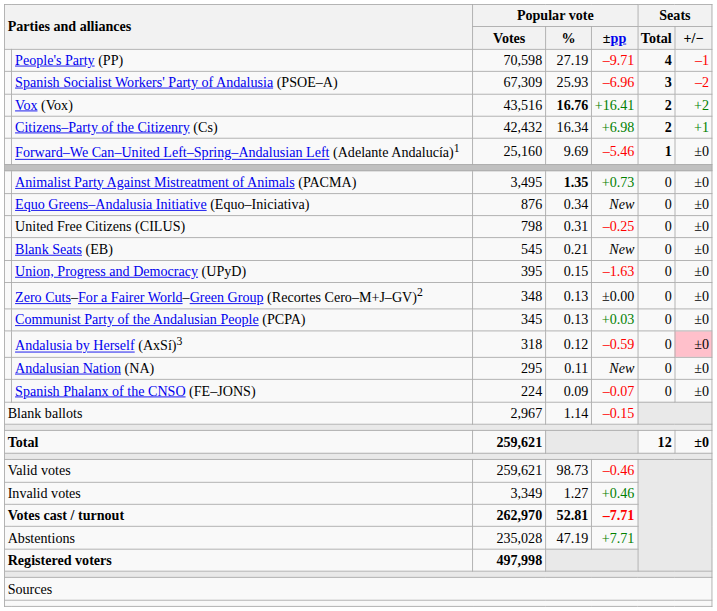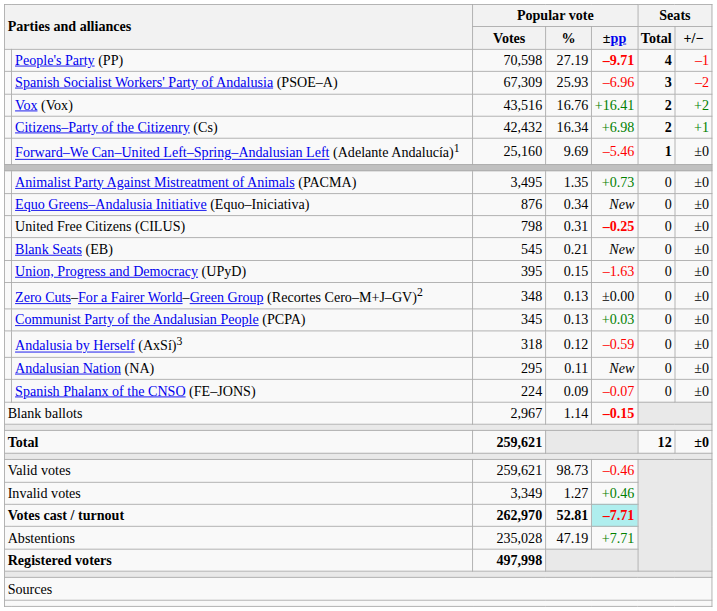 <table class="wikitable" style="text-align:right;">
 <tr>
 <th style="text-align:left;" rowspan="2" colspan="2" width="525">Parties and alliances</th>
 <th colspan="3">Popular vote</th>
 <th colspan="2">Seats</th>
 </tr>
 <tr>
 <th width="75">Votes</th>
 <th width="45">%</th>
 <th width="45">±<a href='#'>pp</a></th>
 <th width="35">Total</th>
 <th width="35">+/−</th>
 </tr>
 <tr>
 <td width="1" style="color:inherit;background:"></td>
 <td align="left"><a href='#'>People's Party</a> (PP)</td>
 <td>70,598</td>
 <td>27.19</td>
-<td style="color:red;">–9.71</td>
+<td style="color:red;"><strong>–9.71</strong></td>
 <td><strong>4</strong></td>
 <td style="color:red;">–1</td>
 </tr>
 <tr>
 <td style="color:inherit;background:"></td>
 <td align="left"><a href='#'>Spanish Socialist Workers' Party of Andalusia</a> (PSOE–A)</td>
 <td>67,309</td>
 <td>25.93</td>
 <td style="color:red;">–6.96</td>
 <td><strong>3</strong></td>
 <td style="color:red;">–2</td>
 </tr>
 <tr>
 <td style="color:inherit;background:"></td>
 <td align="left"><a href='#'>Vox</a> (Vox)</td>
 <td>43,516</td>
-<td><strong>16.76</strong></td>
+<td>16.76</td>
 <td style="color:green;">+16.41</td>
 <td><strong>2</strong></td>
 <td style="color:green;">+2</td>
 </tr>
 <tr>
 <td style="color:inherit;background:"></td>
 <td align="left"><a href='#'>Citizens–Party of the Citizenry</a> (Cs)</td>
 <td>42,432</td>
 <td>16.34</td>
 <td style="color:green;">+6.98</td>
 <td><strong>2</strong></td>
 <td style="color:green;">+1</td>
 </tr>
 <tr>
 <td style="color:inherit;background:"></td>
 <td align="left"><a href='#'>Forward–We Can–United Left–Spring–Andalusian Left</a> (Adelante Andalucía)<sup>1</sup></td>
 <td>25,160</td>
 <td>9.69</td>
 <td style="color:red;">–5.46</td>
 <td><strong>1</strong></td>
 <td>±0</td>
 </tr>
 <tr>
 <td colspan="7" bgcolor="#C0C0C0"></td>
 </tr>
 <tr>
 <td style="color:inherit;background:"></td>
 <td align="left"><a href='#'>Animalist Party Against Mistreatment of Animals</a> (PACMA)</td>
 <td>3,495</td>
-<td><strong>1.35</strong></td>
+<td>1.35</td>
 <td style="color:green;">+0.73</td>
 <td>0</td>
 <td>±0</td>
 </tr>
 <tr>
 <td style="color:inherit;background:"></td>
 <td align="left"><a href='#'>Equo Greens–Andalusia Initiative</a> (Equo–Iniciativa)</td>
 <td>876</td>
 <td>0.34</td>
 <td><em>New</em></td>
 <td>0</td>
 <td>±0</td>
 </tr>
 <tr>
 <td style="color:inherit;background:"></td>
 <td align="left">United Free Citizens (CILUS)</td>
 <td>798</td>
 <td>0.31</td>
-<td style="color:red;">–0.25</td>
+<td style="color:red;"><strong>–0.25</strong></td>
 <td>0</td>
 <td>±0</td>
 </tr>
 <tr>
 <td style="color:inherit;background:"></td>
 <td align="left"><a href='#'>Blank Seats</a> (EB)</td>
 <td>545</td>
 <td>0.21</td>
 <td><em>New</em></td>
 <td>0</td>
 <td>±0</td>
 </tr>
 <tr>
 <td style="color:inherit;background:"></td>
 <td align="left"><a href='#'>Union, Progress and Democracy</a> (UPyD)</td>
 <td>395</td>
 <td>0.15</td>
 <td style="color:red;">–1.63</td>
 <td>0</td>
 <td>±0</td>
 </tr>
 <tr>
 <td style="color:inherit;background:"></td>
 <td align="left"><a href='#'>Zero Cuts</a>–<a href='#'>For a Fairer World</a>–<a href='#'>Green Group</a> (Recortes Cero–M+J–GV)<sup>2</sup></td>
 <td>348</td>
 <td>0.13</td>
 <td>±0.00</td>
 <td>0</td>
 <td>±0</td>
 </tr>
 <tr>
 <td style="color:inherit;background:"></td>
 <td align="left"><a href='#'>Communist Party of the Andalusian People</a> (PCPA)</td>
 <td>345</td>
 <td>0.13</td>
 <td style="color:green;">+0.03</td>
 <td>0</td>
 <td>±0</td>
 </tr>
 <tr>
 <td style="color:inherit;background:"></td>
 <td align="left"><a href='#'>Andalusia by Herself</a> (AxSí)<sup>3</sup></td>
 <td>318</td>
 <td>0.12</td>
 <td style="color:red;">–0.59</td>
 <td>0</td>
-<td style="background: pink;">±0</td>
+<td>±0</td>
 </tr>
 <tr>
 <td style="color:inherit;background:"></td>
 <td align="left"><a href='#'>Andalusian Nation</a> (NA)</td>
 <td>295</td>
 <td>0.11</td>
 <td><em>New</em></td>
 <td>0</td>
 <td>±0</td>
 </tr>
 <tr>
 <td style="color:inherit;background:"></td>
 <td align="left"><a href='#'>Spanish Phalanx of the CNSO</a> (FE–JONS)</td>
 <td>224</td>
 <td>0.09</td>
 <td style="color:red;">–0.07</td>
 <td>0</td>
 <td>±0</td>
 </tr>
 <tr>
 <td align="left" colspan="2">Blank ballots</td>
 <td>2,967</td>
 <td>1.14</td>
-<td style="color:red;">–0.15</td>
+<td style="color:red;"><strong>–0.15</strong></td>
 <td bgcolor="#E9E9E9" colspan="2"></td>
 </tr>
 <tr>
 <td colspan="7" bgcolor="#E9E9E9"></td>
 </tr>
 <tr style="font-weight:bold;">
 <td align="left" colspan="2">Total</td>
 <td>259,621</td>
 <td bgcolor="#E9E9E9" colspan="2"></td>
 <td>12</td>
 <td>±0</td>
 </tr>
 <tr>
 <td colspan="7" bgcolor="#E9E9E9"></td>
 </tr>
 <tr>
 <td align="left" colspan="2">Valid votes</td>
 <td>259,621</td>
 <td>98.73</td>
 <td style="color:red;">–0.46</td>
 <td bgcolor="#E9E9E9" colspan="2" rowspan="5"></td>
 </tr>
 <tr>
 <td align="left" colspan="2">Invalid votes</td>
 <td>3,349</td>
 <td>1.27</td>
 <td style="color:green;">+0.46</td>
 </tr>
 <tr style="font-weight:bold;">
 <td align="left" colspan="2">Votes cast / turnout</td>
 <td>262,970</td>
 <td>52.81</td>
-<td style="color:red;">–7.71</td>
+<td style="background: paleturquoise; color:red;">–7.71</td>
 </tr>
 <tr>
 <td align="left" colspan="2">Abstentions</td>
 <td>235,028</td>
 <td>47.19</td>
 <td style="color:green;">+7.71</td>
 </tr>
 <tr style="font-weight:bold;">
 <td align="left" colspan="2">Registered voters</td>
 <td>497,998</td>
 <td bgcolor="#E9E9E9" colspan="2"></td>
 </tr>
 <tr>
 <td colspan="7" bgcolor="#E9E9E9"></td>
 </tr>
 <tr>
 <td align="left" colspan="7">Sources</td>
 </tr>
 <tr>
 <td colspan="7" style="text-align:left; max-width:790px;"></td>
 </tr>
 </table>
